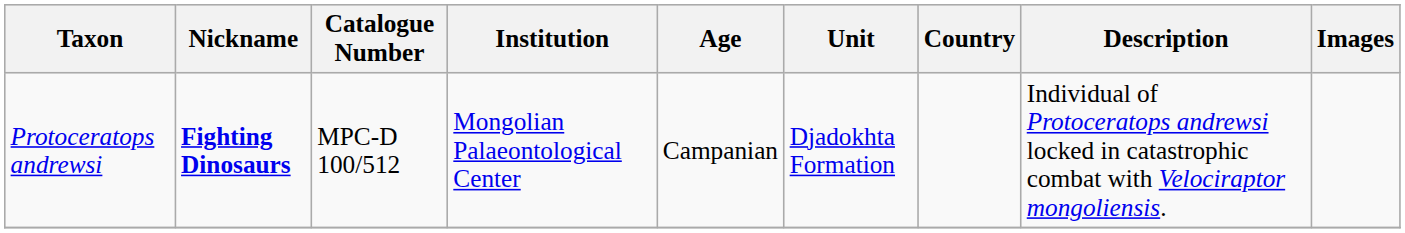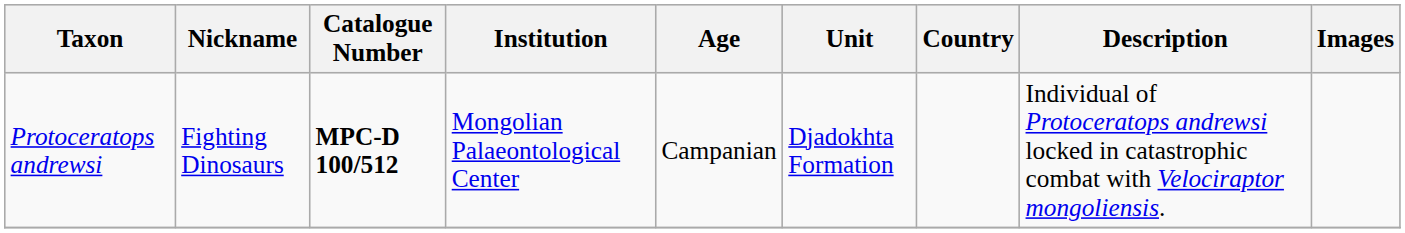 <table class="wikitable sortable" align="center" width="100%">
 <tr>
 <th>Taxon</th>
 <th>Nickname</th>
 <th>Catalogue Number</th>
 <th>Institution</th>
 <th>Age</th>
 <th>Unit</th>
 <th>Country</th>
 <th>Description</th>
 <th>Images</th>
 </tr>
 <tr>
 <td><em><a href='#'>Protoceratops andrewsi</a></em></td>
-<td><strong><a href='#'>Fighting Dinosaurs</a></strong></td>
-<td>MPC-D 100/512</td>
+<td><a href='#'>Fighting Dinosaurs</a></td>
+<td><strong>MPC-D 100/512</strong></td>
 <td><a href='#'>Mongolian Palaeontological Center</a></td>
 <td>Campanian</td>
 <td><a href='#'>Djadokhta Formation</a></td>
 <td></td>
 <td>Individual of <em><a href='#'>Protoceratops andrewsi</a></em> locked in catastrophic combat with <em><a href='#'>Velociraptor mongoliensis</a></em>.</td>
 <td></td>
 </tr>
 <tr>
 </tr>
 </table>
